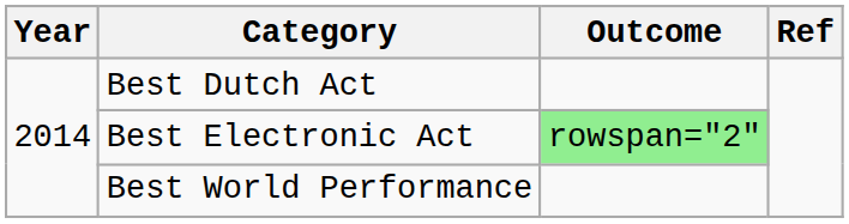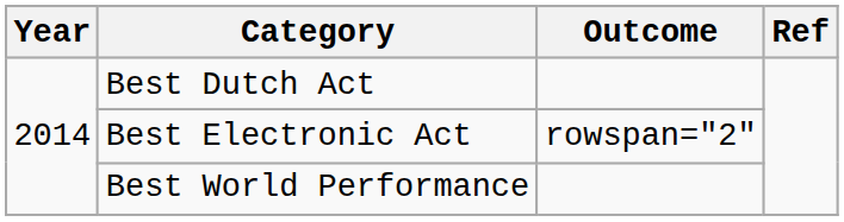 <table class="wikitable sortable">
 <tr>
 <th>Year</th>
 <th>Category</th>
 <th>Outcome</th>
 <th>Ref</th>
 </tr>
 <tr>
 <td rowspan="3">2014</td>
 <td>Best Dutch Act</td>
 <td></td>
 <td rowspan="3"></td>
 </tr>
 <tr>
 <td>Best Electronic Act</td>
-<td style="background: lightgreen;">rowspan="2" </td>
+<td>rowspan="2" </td>
 </tr>
 <tr>
 <td>Best World Performance</td>
 </tr>
 </table>
